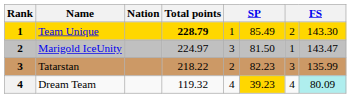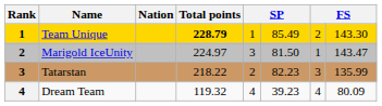 <table class="wikitable sortable">
 <tr>
 <th>Rank</th>
 <th>Name</th>
 <th>Nation</th>
 <th>Total points</th>
 <th colspan="2" width="80px"><a href='#'>SP</a></th>
 <th colspan="2" width="80px"><a href='#'>FS</a></th>
 </tr>
 <tr bgcolor="gold">
 <td align="center"><strong>1</strong></td>
 <td><a href='#'>Team Unique</a></td>
 <td></td>
 <td align="center"><strong>228.79</strong></td>
 <td align="center">1</td>
 <td align="center">85.49</td>
 <td align="center">2</td>
 <td align="center">143.30</td>
 </tr>
 <tr bgcolor="silver">
 <td align="center"><strong>2</strong></td>
 <td><a href='#'>Marigold IceUnity</a></td>
 <td></td>
 <td align="center">224.97</td>
 <td align="center">3</td>
 <td align="center">81.50</td>
 <td align="center">1</td>
 <td align="center">143.47</td>
 </tr>
 <tr bgcolor="#cc9966">
 <td align="center"><strong>3</strong></td>
 <td>Tatarstan</td>
 <td></td>
 <td align="center">218.22</td>
 <td align="center">2</td>
 <td align="center">82.23</td>
 <td align="center">3</td>
 <td align="center">135.99</td>
 </tr>
 <tr>
 <th>4</th>
 <td>Dream Team</td>
 <td></td>
 <td align="center">119.32</td>
 <td align="center">4</td>
-<td align="center" style="background: gold;">39.23</td>
+<td align="center">39.23</td>
 <td align="center">4</td>
-<td align="center" style="background: paleturquoise;">80.09</td>
+<td align="center">80.09</td>
 </tr>
 </table>
